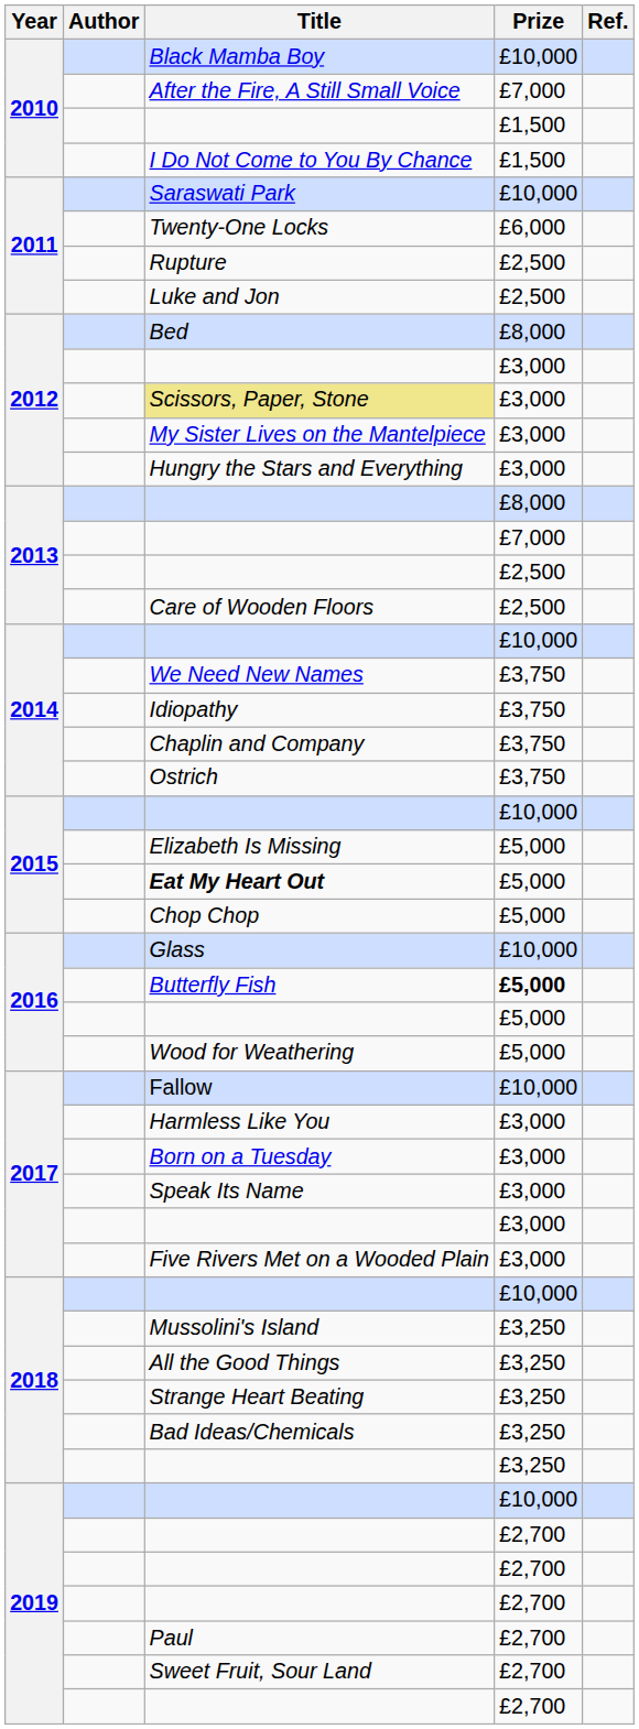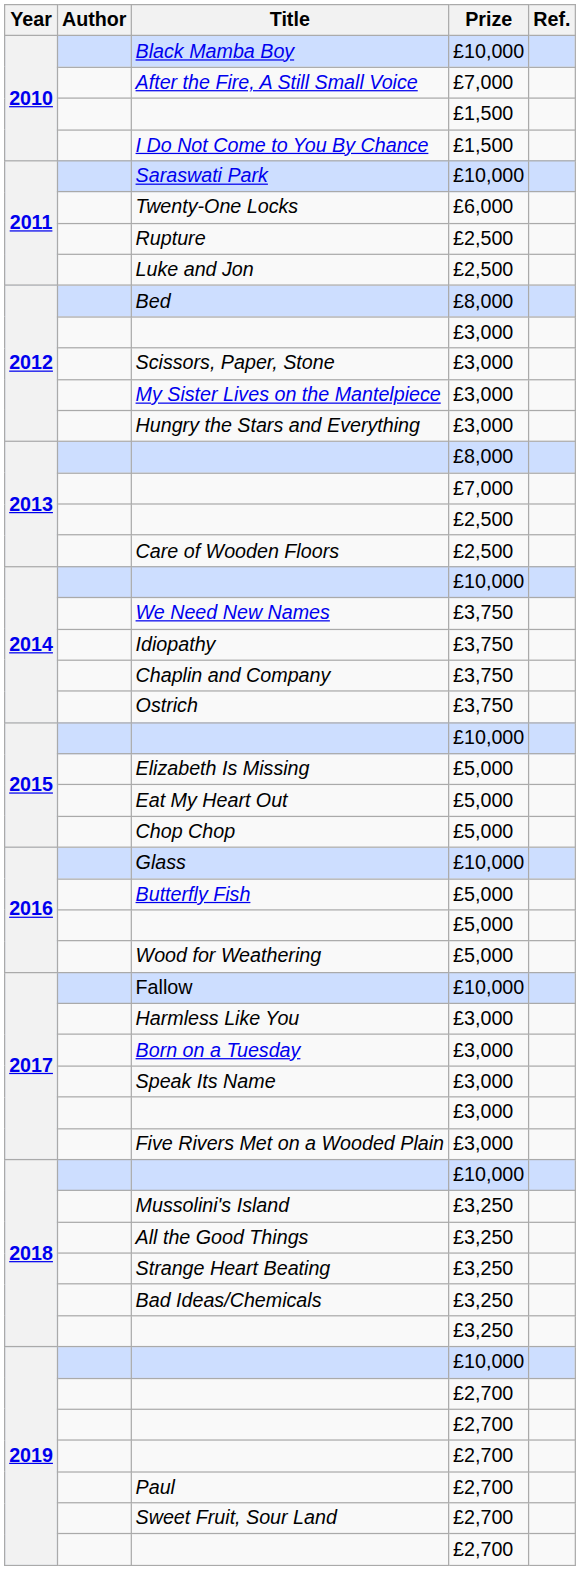 <table class="wikitable sortable mw-collapsible">
 <tr>
 <th>Year</th>
 <th>Author</th>
 <th>Title</th>
 <th>Prize</th>
 <th>Ref.</th>
 </tr>
 <tr style="background:#cddeff">
 <th rowspan="4"><a href='#'>2010</a></th>
 <td></td>
 <td><em><a href='#'>Black Mamba Boy</a></em></td>
 <td>£10,000</td>
 <td></td>
 </tr>
 <tr>
 <td></td>
 <td><em><a href='#'>After the Fire, A Still Small Voice</a></em></td>
 <td>£7,000</td>
 <td></td>
 </tr>
 <tr>
 <td></td>
 <td><em></em></td>
 <td>£1,500</td>
 <td></td>
 </tr>
 <tr>
 <td></td>
 <td><em><a href='#'>I Do Not Come to You By Chance</a></em></td>
 <td>£1,500</td>
 <td></td>
 </tr>
 <tr style="background:#cddeff">
 <th rowspan="4"><a href='#'>2011</a></th>
 <td></td>
 <td><em><a href='#'>Saraswati Park</a></em></td>
 <td>£10,000</td>
 <td></td>
 </tr>
 <tr>
 <td></td>
 <td><em>Twenty-One Locks</em></td>
 <td>£6,000</td>
 <td></td>
 </tr>
 <tr>
 <td></td>
 <td><em>Rupture</em></td>
 <td>£2,500</td>
 <td></td>
 </tr>
 <tr>
 <td></td>
 <td><em>Luke and Jon</em></td>
 <td>£2,500</td>
 <td></td>
 </tr>
 <tr style=background:#cddeff>
 <th rowspan="5"><a href='#'>2012</a></th>
 <td></td>
 <td><em>Bed</em></td>
 <td>£8,000</td>
 <td></td>
 </tr>
 <tr>
 <td></td>
 <td><em></em></td>
 <td>£3,000</td>
 <td></td>
 </tr>
 <tr>
 <td></td>
-<td style="background: khaki;"><em>Scissors, Paper, Stone</em></td>
+<td><em>Scissors, Paper, Stone</em></td>
 <td>£3,000</td>
 <td></td>
 </tr>
 <tr>
 <td></td>
 <td><em><a href='#'>My Sister Lives on the Mantelpiece</a></em></td>
 <td>£3,000</td>
 <td></td>
 </tr>
 <tr>
 <td></td>
 <td><em>Hungry the Stars and Everything</em></td>
 <td>£3,000</td>
 <td></td>
 </tr>
 <tr style=background:#cddeff>
 <th rowspan="4"><a href='#'>2013</a></th>
 <td></td>
 <td><em></em></td>
 <td>£8,000</td>
 <td></td>
 </tr>
 <tr>
 <td></td>
 <td><em></em></td>
 <td>£7,000</td>
 <td></td>
 </tr>
 <tr>
 <td></td>
 <td><em></em></td>
 <td>£2,500</td>
 <td></td>
 </tr>
 <tr>
 <td></td>
 <td><em>Care of Wooden Floors</em></td>
 <td>£2,500</td>
 <td></td>
 </tr>
 <tr style="background:#cddeff">
 <th rowspan="5"><a href='#'>2014</a></th>
 <td></td>
 <td><em></em></td>
 <td>£10,000</td>
 <td></td>
 </tr>
 <tr>
 <td></td>
 <td><em><a href='#'>We Need New Names</a></em></td>
 <td>£3,750</td>
 <td></td>
 </tr>
 <tr>
 <td></td>
 <td><em>Idiopathy</em></td>
 <td>£3,750</td>
 <td></td>
 </tr>
 <tr>
 <td></td>
 <td><em>Chaplin and Company</em></td>
 <td>£3,750</td>
 <td></td>
 </tr>
 <tr>
 <td></td>
 <td><em>Ostrich</em></td>
 <td>£3,750</td>
 <td></td>
 </tr>
 <tr style="background:#cddeff">
 <th rowspan="4"><a href='#'>2015</a></th>
 <td></td>
 <td><em></em></td>
 <td>£10,000</td>
 <td></td>
 </tr>
 <tr>
 <td></td>
 <td><em>Elizabeth Is Missing</em></td>
 <td>£5,000</td>
 <td></td>
 </tr>
 <tr>
 <td></td>
-<td><strong><em>Eat My Heart Out</em></strong></td>
+<td><em>Eat My Heart Out</em></td>
 <td>£5,000</td>
 <td></td>
 </tr>
 <tr>
 <td></td>
 <td><em>Chop Chop</em></td>
 <td>£5,000</td>
 <td></td>
 </tr>
 <tr style="background:#cddeff">
 <th rowspan="4"><a href='#'>2016</a></th>
 <td></td>
 <td><em>Glass</em></td>
 <td>£10,000</td>
 <td></td>
 </tr>
 <tr>
 <td></td>
 <td><em><a href='#'>Butterfly Fish</a></em></td>
-<td><strong>£5,000</strong></td>
+<td>£5,000</td>
 <td></td>
 </tr>
 <tr>
 <td></td>
 <td><em></em></td>
 <td>£5,000</td>
 <td></td>
 </tr>
 <tr>
 <td></td>
 <td><em>Wood for Weathering</em></td>
 <td>£5,000</td>
 <td></td>
 </tr>
 <tr style="background:#cddeff">
 <th rowspan="6"><a href='#'>2017</a></th>
 <td></td>
 <td>Fallow</td>
 <td>£10,000</td>
 <td></td>
 </tr>
 <tr>
 <td></td>
 <td><em>Harmless Like You</em></td>
 <td>£3,000</td>
 <td></td>
 </tr>
 <tr>
 <td></td>
 <td><em><a href='#'>Born on a Tuesday</a></em></td>
 <td>£3,000</td>
 <td></td>
 </tr>
 <tr>
 <td></td>
 <td><em>Speak Its Name</em></td>
 <td>£3,000</td>
 <td></td>
 </tr>
 <tr>
 <td></td>
 <td><em></em></td>
 <td>£3,000</td>
 <td></td>
 </tr>
 <tr>
 <td></td>
 <td><em>Five Rivers Met on a Wooded Plain</em></td>
 <td>£3,000</td>
 <td></td>
 </tr>
 <tr style="background:#cddeff">
 <th rowspan="6"><a href='#'>2018</a></th>
 <td></td>
 <td><em></em></td>
 <td>£10,000</td>
 <td></td>
 </tr>
 <tr>
 <td></td>
 <td><em>Mussolini's Island</em></td>
 <td>£3,250</td>
 <td></td>
 </tr>
 <tr>
 <td></td>
 <td><em>All the Good Things</em></td>
 <td>£3,250</td>
 <td></td>
 </tr>
 <tr>
 <td></td>
 <td><em>Strange Heart Beating</em></td>
 <td>£3,250</td>
 <td></td>
 </tr>
 <tr>
 <td></td>
 <td><em>Bad Ideas/Chemicals</em></td>
 <td>£3,250</td>
 <td></td>
 </tr>
 <tr>
 <td></td>
 <td><em></em></td>
 <td>£3,250</td>
 <td></td>
 </tr>
 <tr style="background:#cddeff">
 <th rowspan="7"><a href='#'>2019</a></th>
 <td></td>
 <td><em></em></td>
 <td>£10,000</td>
 <td></td>
 </tr>
 <tr>
 <td></td>
 <td><em></em></td>
 <td>£2,700</td>
 <td></td>
 </tr>
 <tr>
 <td></td>
 <td><em></em></td>
 <td>£2,700</td>
 <td></td>
 </tr>
 <tr>
 <td></td>
 <td><em></em></td>
 <td>£2,700</td>
 <td></td>
 </tr>
 <tr>
 <td></td>
 <td><em>Paul</em></td>
 <td>£2,700</td>
 <td></td>
 </tr>
 <tr>
 <td></td>
 <td><em>Sweet Fruit, Sour Land</em></td>
 <td>£2,700</td>
 <td></td>
 </tr>
 <tr>
 <td></td>
 <td><em></em></td>
 <td>£2,700</td>
 <td></td>
 </tr>
 </table>
